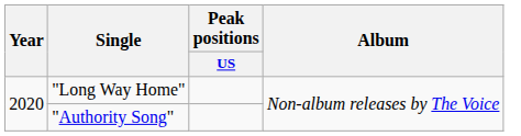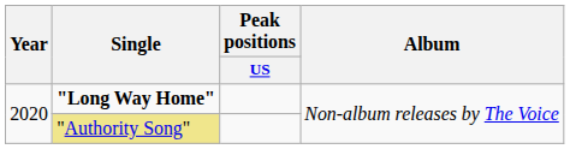 <table class="wikitable" style="text-align:center;">
 <tr>
 <th rowspan="2">Year</th>
 <th rowspan="2">Single</th>
 <th colspan="1">Peak positions</th>
 <th rowspan="2">Album</th>
 </tr>
 <tr style="font-size:smaller;">
 <th style="width:50px;"><a href='#'>US</a></th>
 </tr>
 <tr>
 <td rowspan="2">2020</td>
-<td style="text-align:left;">"Long Way Home" </td>
+<td style="text-align:left;"><strong>"Long Way Home" </strong></td>
 <td></td>
 <td rowspan="2"><em>Non-album releases by <a href='#'>The Voice</a></em></td>
 </tr>
 <tr>
-<td style="text-align:left;">"<a href='#'>Authority Song</a>" </td>
+<td style="background: khaki; text-align:left;">"<a href='#'>Authority Song</a>" </td>
 <td></td>
 </tr>
 </table>
